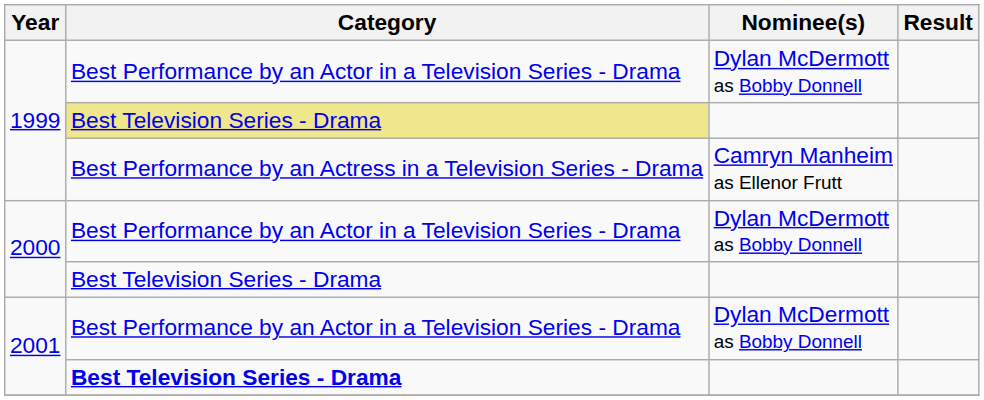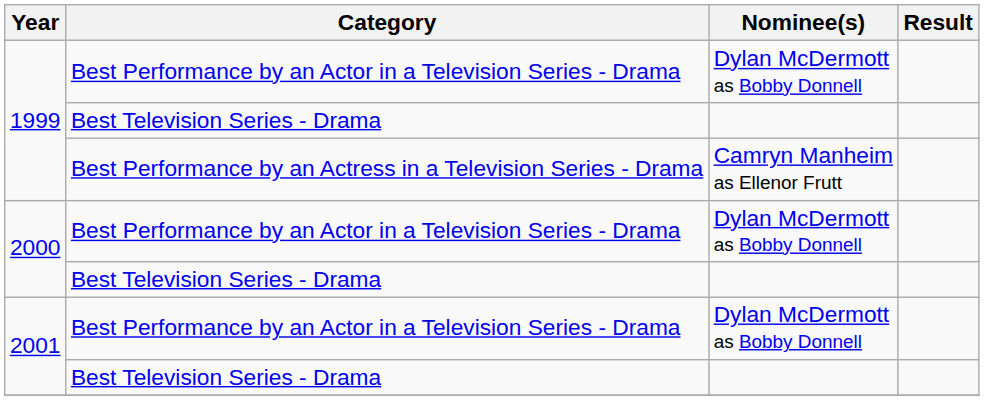 <table class="wikitable">
 <tr>
 <th>Year</th>
 <th>Category</th>
 <th>Nominee(s)</th>
 <th>Result</th>
 </tr>
 <tr>
 <td rowspan="3"><a href='#'>1999</a></td>
 <td><a href='#'>Best Performance by an Actor in a Television Series - Drama</a></td>
 <td><a href='#'>Dylan McDermott</a><br><small>as <a href='#'>Bobby Donnell</a></small></td>
 <td></td>
 </tr>
 <tr>
-<td style="background: khaki;"><a href='#'>Best Television Series - Drama</a></td>
+<td><a href='#'>Best Television Series - Drama</a></td>
 <td></td>
 <td></td>
 </tr>
 <tr>
 <td><a href='#'>Best Performance by an Actress in a Television Series - Drama</a></td>
 <td><a href='#'>Camryn Manheim</a><br><small>as Ellenor Frutt</small></td>
 <td></td>
 </tr>
 <tr>
 <td rowspan="2"><a href='#'>2000</a></td>
 <td><a href='#'>Best Performance by an Actor in a Television Series - Drama</a></td>
 <td><a href='#'>Dylan McDermott</a><br><small>as <a href='#'>Bobby Donnell</a></small></td>
 <td></td>
 </tr>
 <tr>
 <td><a href='#'>Best Television Series - Drama</a></td>
 <td></td>
 <td></td>
 </tr>
 <tr>
 <td rowspan="2"><a href='#'>2001</a></td>
 <td><a href='#'>Best Performance by an Actor in a Television Series - Drama</a></td>
 <td><a href='#'>Dylan McDermott</a><br><small>as <a href='#'>Bobby Donnell</a></small></td>
 <td></td>
 </tr>
 <tr>
-<td><strong><a href='#'>Best Television Series - Drama</a></strong></td>
+<td><a href='#'>Best Television Series - Drama</a></td>
 <td></td>
 <td></td>
 </tr>
 <tr>
 </tr>
 </table>
